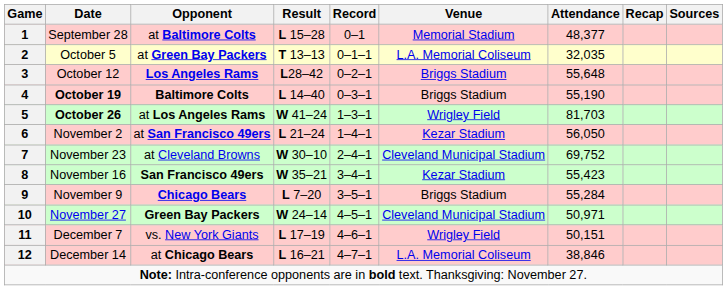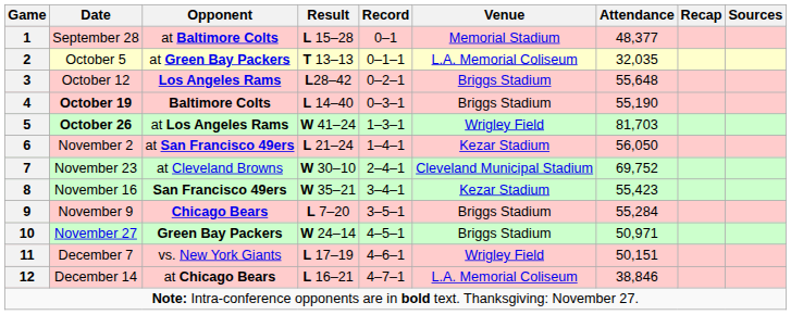 <table class="wikitable" style="text-align:center">
 <tr>
 <th>Game</th>
 <th>Date</th>
 <th>Opponent</th>
 <th>Result</th>
 <th>Record</th>
 <th>Venue</th>
 <th>Attendance</th>
 <th>Recap</th>
 <th>Sources</th>
 </tr>
 <tr style="background:#fcc">
 <th>1</th>
 <td>September 28</td>
 <td>at <strong><a href='#'>Baltimore Colts</a></strong></td>
 <td><strong>L</strong> 15–28</td>
 <td>0–1</td>
 <td><a href='#'>Memorial Stadium</a></td>
 <td>48,377</td>
 <td></td>
 <td></td>
 </tr>
 <tr style="background:#ffc">
 <th>2</th>
 <td>October 5</td>
 <td>at <strong><a href='#'>Green Bay Packers</a></strong></td>
 <td><strong>T</strong> 13–13</td>
 <td>0–1–1</td>
 <td><a href='#'>L.A. Memorial Coliseum</a></td>
 <td>32,035</td>
 <td></td>
 <td></td>
 </tr>
 <tr style="background:#fcc">
 <th>3</th>
 <td>October 12</td>
 <td><strong><a href='#'>Los Angeles Rams</a></strong></td>
 <td><strong>L</strong>28–42</td>
 <td>0–2–1</td>
 <td><a href='#'>Briggs Stadium</a></td>
 <td>55,648</td>
 <td></td>
 <td></td>
 </tr>
 <tr style="background:#fcc">
 <th>4</th>
 <td><strong>October 19</strong></td>
 <td><strong>Baltimore Colts</strong></td>
 <td><strong>L</strong> 14–40</td>
 <td>0–3–1</td>
 <td>Briggs Stadium</td>
 <td>55,190</td>
 <td></td>
 <td></td>
 </tr>
 <tr style="background:#cfc">
 <th>5</th>
 <td><strong>October 26</strong></td>
 <td>at <strong>Los Angeles Rams</strong></td>
 <td><strong>W</strong> 41–24</td>
 <td>1–3–1</td>
 <td><a href='#'>Wrigley Field</a></td>
 <td>81,703</td>
 <td></td>
 <td></td>
 </tr>
 <tr style="background:#fcc">
 <th>6</th>
 <td>November 2</td>
 <td>at <strong><a href='#'>San Francisco 49ers</a></strong></td>
 <td><strong>L</strong> 21–24</td>
 <td>1–4–1</td>
 <td><a href='#'>Kezar Stadium</a></td>
 <td>56,050</td>
 <td></td>
 <td></td>
 </tr>
 <tr style="background:#cfc">
 <th>7</th>
 <td>November 23</td>
 <td>at <a href='#'>Cleveland Browns</a></td>
 <td><strong>W</strong> 30–10</td>
 <td>2–4–1</td>
 <td><a href='#'>Cleveland Municipal Stadium</a></td>
 <td>69,752</td>
 <td></td>
 <td></td>
 </tr>
 <tr style="background:#cfc">
 <th>8</th>
 <td>November 16</td>
 <td><strong>San Francisco 49ers</strong></td>
 <td><strong>W</strong> 35–21</td>
 <td>3–4–1</td>
 <td><a href='#'>Kezar Stadium</a></td>
 <td>55,423</td>
 <td></td>
 <td></td>
 </tr>
 <tr style="background:#fcc">
 <th>9</th>
 <td>November 9</td>
 <td><strong><a href='#'>Chicago Bears</a></strong></td>
 <td><strong>L</strong> 7–20</td>
 <td>3–5–1</td>
 <td>Briggs Stadium</td>
 <td>55,284</td>
 <td></td>
 <td></td>
 </tr>
 <tr style="background:#cfc">
 <th>10</th>
 <td><a href='#'>November 27</a></td>
 <td><strong>Green Bay Packers</strong></td>
 <td><strong>W</strong> 24–14</td>
 <td>4–5–1</td>
-<td><a href='#'>Cleveland Municipal Stadium</a></td>
+<td>Briggs Stadium</td>
 <td>50,971</td>
 <td></td>
 <td></td>
 </tr>
 <tr style="background:#fcc">
 <th>11</th>
 <td>December 7</td>
 <td>vs. <a href='#'>New York Giants</a></td>
 <td><strong>L</strong> 17–19</td>
 <td>4–6–1</td>
 <td><a href='#'>Wrigley Field</a></td>
 <td>50,151</td>
 <td></td>
 <td></td>
 </tr>
 <tr style="background:#fcc">
 <th>12</th>
 <td>December 14</td>
 <td>at <strong>Chicago Bears</strong></td>
 <td><strong>L</strong> 16–21</td>
 <td>4–7–1</td>
 <td><a href='#'>L.A. Memorial Coliseum</a></td>
 <td>38,846</td>
 <td></td>
 <td></td>
 </tr>
 <tr>
 <td colspan="10"><strong>Note:</strong> Intra-conference opponents are in <strong>bold</strong> text. Thanksgiving: November 27.</td>
 </tr>
 </table>
